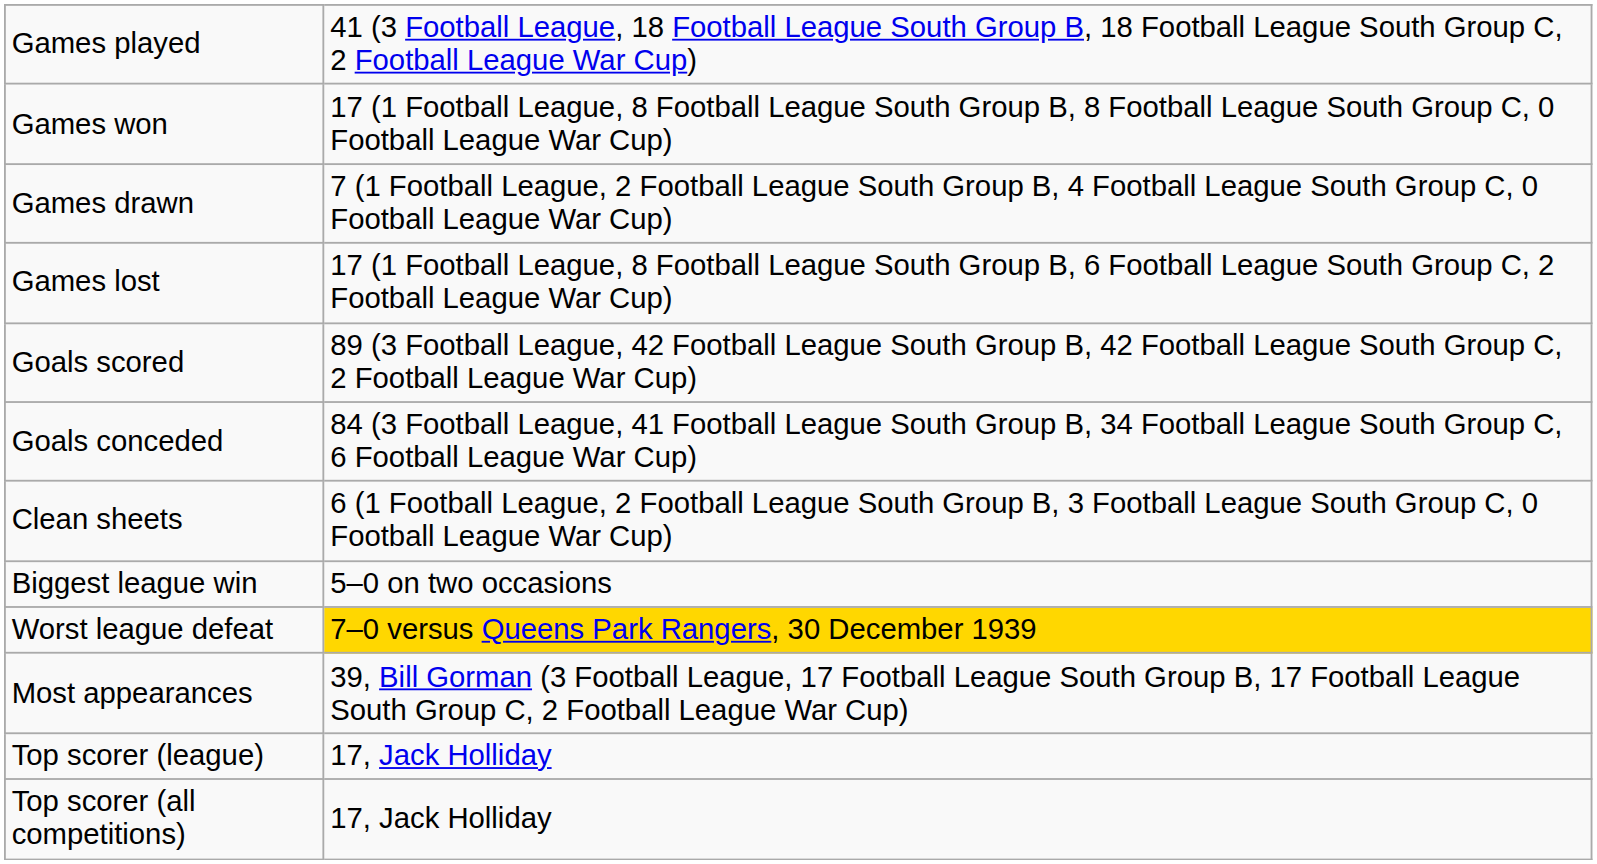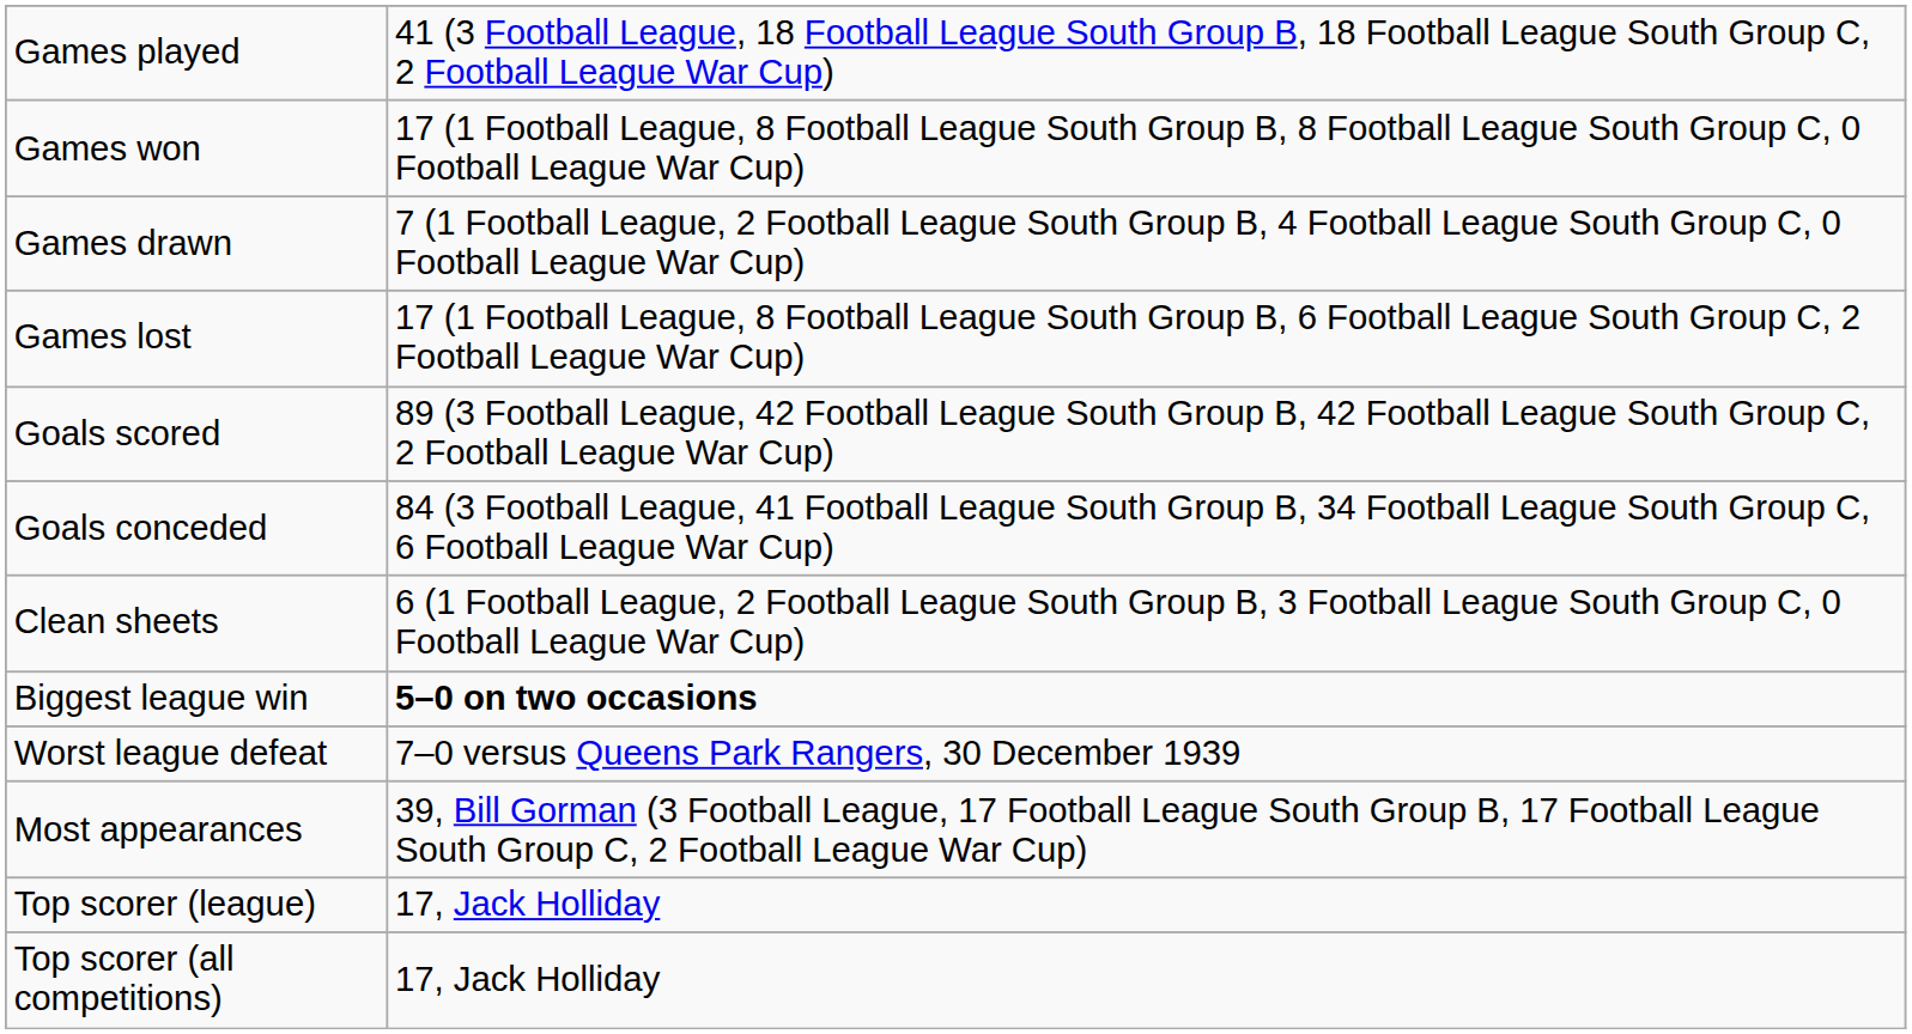 <table class="wikitable">
 <tr>
 <td>Games played</td>
 <td>41 (3 <a href='#'>Football League</a>, 18 <a href='#'>Football League South Group B</a>, 18 Football League South Group C, 2 <a href='#'>Football League War Cup</a>)</td>
 </tr>
 <tr>
 <td>Games won</td>
 <td>17 (1 Football League, 8 Football League South Group B, 8 Football League South Group C, 0 Football League War Cup)</td>
 </tr>
 <tr>
 <td>Games drawn</td>
 <td>7 (1 Football League, 2 Football League South Group B, 4 Football League South Group C, 0 Football League War Cup)</td>
 </tr>
 <tr>
 <td>Games lost</td>
 <td>17 (1 Football League, 8 Football League South Group B, 6 Football League South Group C, 2 Football League War Cup)</td>
 </tr>
 <tr>
 <td>Goals scored</td>
 <td>89 (3 Football League, 42 Football League South Group B, 42 Football League South Group C, 2 Football League War Cup)</td>
 </tr>
 <tr>
 <td>Goals conceded</td>
 <td>84 (3 Football League, 41 Football League South Group B, 34 Football League South Group C, 6 Football League War Cup)</td>
 </tr>
 <tr>
 <td>Clean sheets</td>
 <td>6 (1 Football League, 2 Football League South Group B, 3 Football League South Group C, 0 Football League War Cup)</td>
 </tr>
 <tr>
 <td>Biggest league win</td>
-<td>5–0 on two occasions</td>
+<td><strong>5–0 on two occasions</strong></td>
 </tr>
 <tr>
 <td>Worst league defeat</td>
-<td style="background: gold;">7–0 versus <a href='#'>Queens Park Rangers</a>, 30 December 1939</td>
+<td>7–0 versus <a href='#'>Queens Park Rangers</a>, 30 December 1939</td>
 </tr>
 <tr>
 <td>Most appearances</td>
 <td>39, <a href='#'>Bill Gorman</a> (3 Football League, 17 Football League South Group B, 17 Football League South Group C, 2 Football League War Cup)</td>
 </tr>
 <tr>
 <td>Top scorer (league)</td>
 <td>17, <a href='#'>Jack Holliday</a></td>
 </tr>
 <tr>
 <td>Top scorer (all competitions)</td>
 <td>17, Jack Holliday</td>
 </tr>
 </table>
